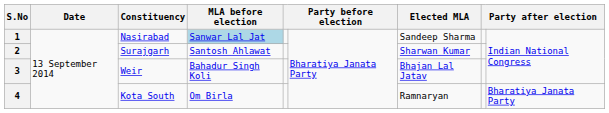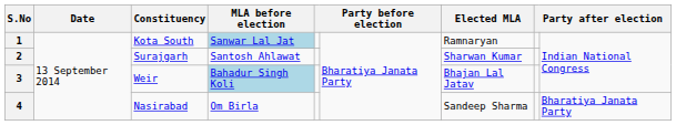 <table class="wikitable sortable">
 <tr>
 <th>S.No</th>
 <th>Date</th>
 <th>Constituency</th>
 <th>MLA before election</th>
 <th colspan="2">Party before election</th>
 <th>Elected MLA</th>
 <th colspan="2">Party after election</th>
 </tr>
 <tr>
 <th>1</th>
 <td rowspan="4">13 September 2014</td>
-<td><a href='#'>Nasirabad</a></td>
+<td><a href='#'>Kota South</a></td>
 <td style="background: lightblue;"><a href='#'>Sanwar Lal Jat</a></td>
 <td></td>
 <td rowspan="4"><a href='#'>Bharatiya Janata Party</a></td>
-<td>Sandeep Sharma</td>
+<td>Ramnaryan</td>
 <td></td>
 <td rowspan="3"><a href='#'>Indian National Congress</a></td>
 </tr>
 <tr>
 <th>2</th>
 <td><a href='#'>Surajgarh</a></td>
 <td><a href='#'>Santosh Ahlawat</a></td>
 <td></td>
 <td><a href='#'>Sharwan Kumar</a></td>
 <td></td>
 </tr>
 <tr>
 <th>3</th>
 <td><a href='#'>Weir</a></td>
-<td><a href='#'>Bahadur Singh Koli</a></td>
+<td style="background: lightblue;"><a href='#'>Bahadur Singh Koli</a></td>
 <td></td>
 <td><a href='#'>Bhajan Lal Jatav</a></td>
 <td></td>
 </tr>
 <tr>
 <th>4</th>
-<td><a href='#'>Kota South</a></td>
+<td><a href='#'>Nasirabad</a></td>
 <td><a href='#'>Om Birla</a></td>
 <td></td>
-<td>Ramnaryan</td>
+<td>Sandeep Sharma</td>
 <td></td>
 <td><a href='#'>Bharatiya Janata Party</a></td>
 </tr>
 </table>
